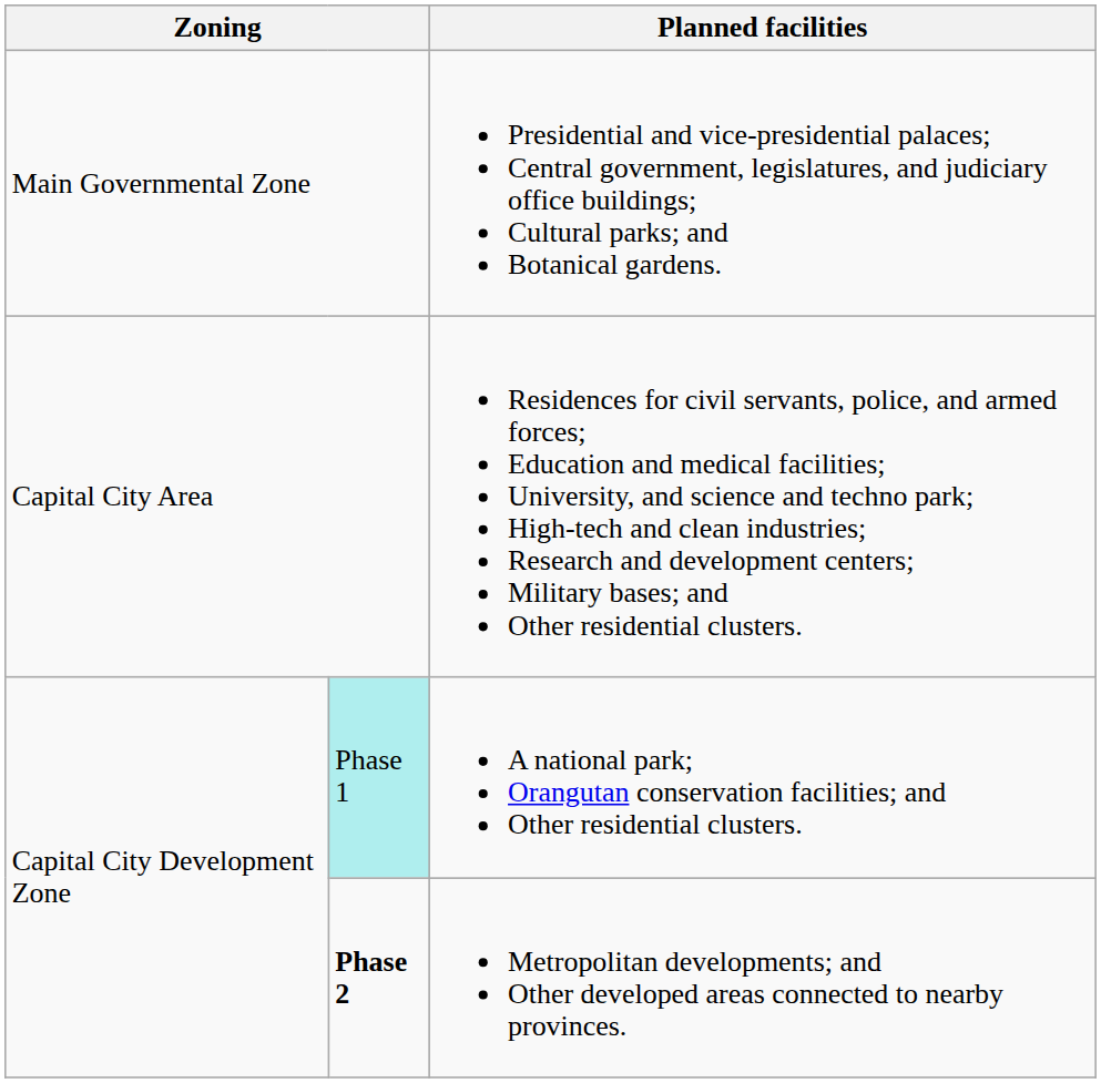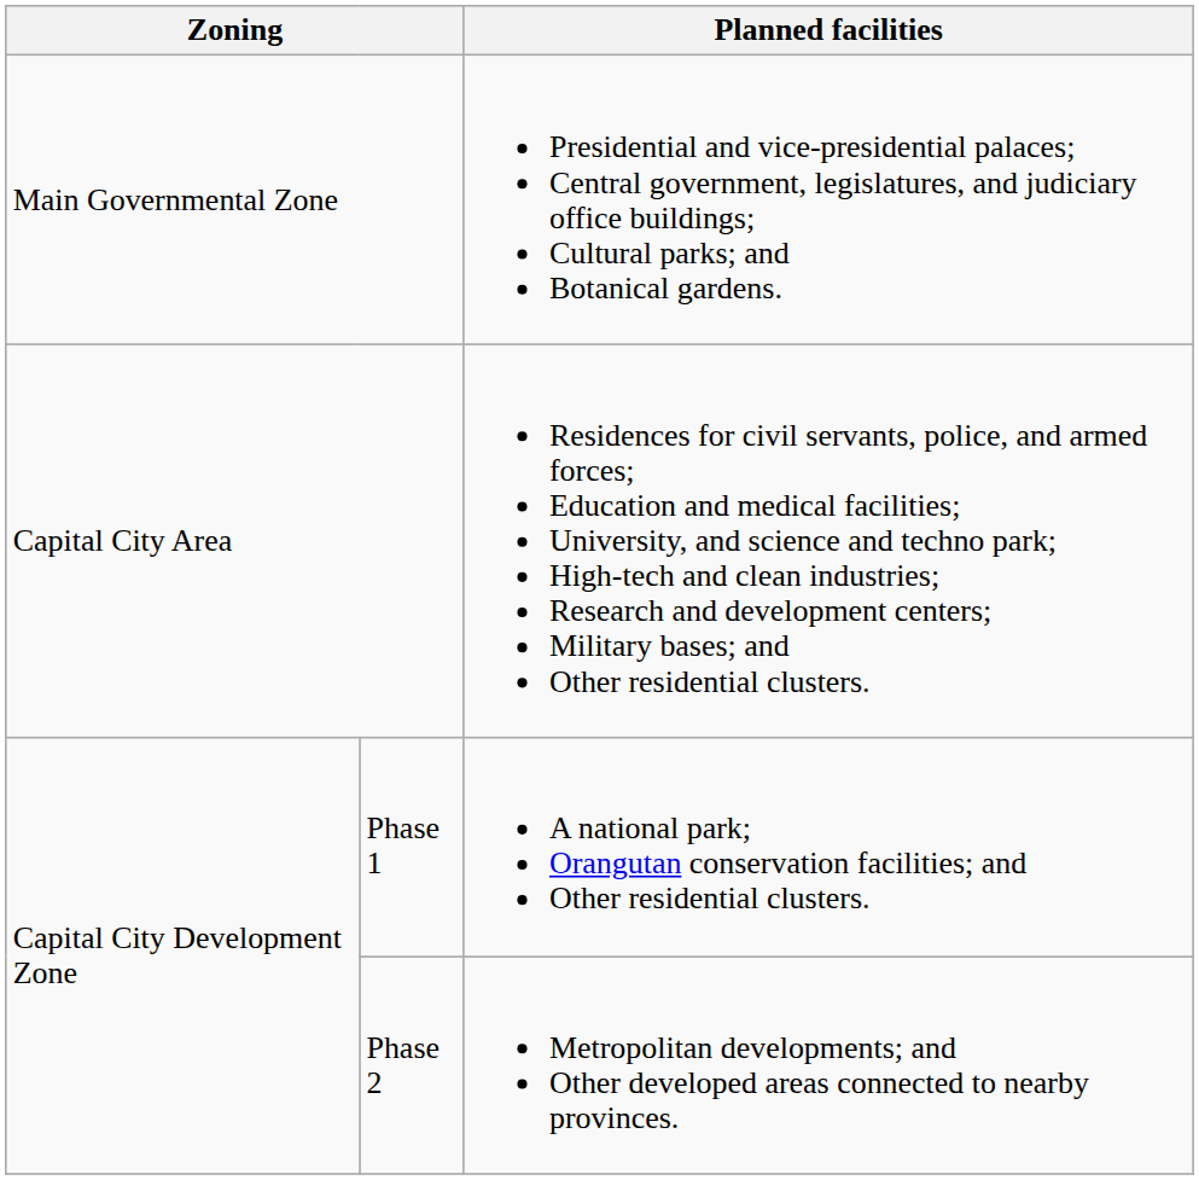 <table class="wikitable">
 <tr>
 <th colspan="2">Zoning</th>
 <th>Planned facilities</th>
 </tr>
 <tr>
 <td colspan="2">Main Governmental Zone</td>
 <td><br><ul><li>Presidential and vice-presidential palaces;</li><li>Central government, legislatures, and judiciary office buildings;</li><li>Cultural parks; and</li><li>Botanical gardens.</li></ul></td>
 </tr>
 <tr>
 <td colspan="2">Capital City Area</td>
 <td><br><ul><li>Residences for civil servants, police, and armed forces;</li><li>Education and medical facilities;</li><li>University, and science and techno park;</li><li>High-tech and clean industries;</li><li>Research and development centers;</li><li>Military bases; and</li><li>Other residential clusters.</li></ul></td>
 </tr>
 <tr>
 <td rowspan="2">Capital City Development Zone</td>
-<td style="background: paleturquoise;">Phase 1</td>
+<td>Phase 1</td>
 <td><br><ul><li>A national park;</li><li><a href='#'>Orangutan</a> conservation facilities; and</li><li>Other residential clusters.</li></ul></td>
 </tr>
 <tr>
-<td><strong>Phase 2</strong></td>
+<td>Phase 2</td>
 <td><br><ul><li>Metropolitan developments; and</li><li>Other developed areas connected to nearby provinces.</li></ul></td>
 </tr>
 </table>
